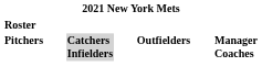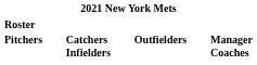 <table class="toccolours" style="font-size: 95%;">
 <tr>
 <th colspan="10">2021 New York Mets</th>
 </tr>
 <tr>
 <td colspan="10"><strong>Roster</strong></td>
 </tr>
 <tr>
 <td valign="top"><strong>Pitchers</strong><br>                                     </td>
 <td width="25px"></td>
-<td valign="top" style="background: lightgrey;"><strong>Catchers</strong><br>    <strong>Infielders</strong>          </td>
+<td valign="top"><strong>Catchers</strong><br>    <strong>Infielders</strong>          </td>
 <td width="25px"></td>
 <td valign="top"><strong>Outfielders</strong><br>           </td>
 <td width="25px"></td>
 <td valign="top"><strong>Manager</strong><br>  <strong>Coaches</strong>                         </td>
 </tr>
 </table>
